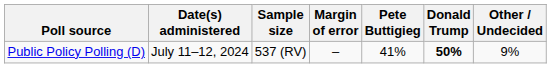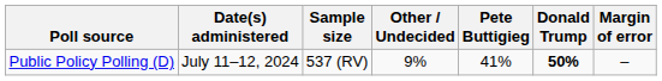 <table class="wikitable sortable mw-datatable" style="font-size:90%;text-align:center;line-height:17px">
 <tr valign=bottom>
 <th>Poll source</th>
 <th>Date(s)<br>administered</th>
 <th>Sample<br>size</th>
-<th>Margin<br>of error</th>
+<th class="unsortable">Other /<br>Undecided</th>
 <th class="unsortable">Pete<br>Buttigieg<br></th>
 <th class="unsortable">Donald<br>Trump<br></th>
-<th class="unsortable">Other /<br>Undecided</th>
+<th>Margin<br>of error</th>
 </tr>
 <tr>
 <td style="text-align:left;"><a href='#'>Public Policy Polling (D)</a></td>
 <td data-sort-value="2024-07-22">July 11–12, 2024</td>
 <td>537 (RV)</td>
-<td>–</td>
+<td>9%</td>
 <td>41%</td>
 <td style="background-color:"><strong>50%</strong></td>
-<td>9%</td>
+<td>–</td>
 </tr>
 </table>
